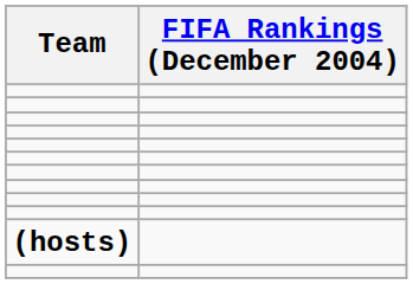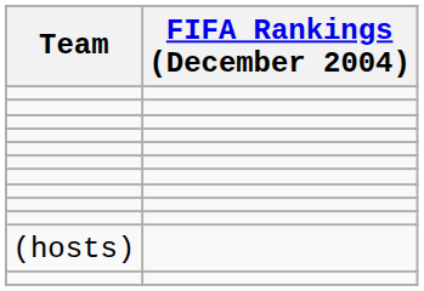 <table class="wikitable sortable" style="text-align: left;">
 <tr>
 <th>Team</th>
 <th><a href='#'>FIFA Rankings</a><br>(December 2004)</th>
 </tr>
 <tr>
 <td></td>
 <td></td>
 </tr>
 <tr>
 <td></td>
 <td></td>
 </tr>
 <tr>
 <td></td>
 <td></td>
 </tr>
 <tr>
 <td></td>
 <td></td>
 </tr>
 <tr>
 <td></td>
 <td></td>
 </tr>
 <tr>
 <td></td>
 <td></td>
 </tr>
 <tr>
 <td></td>
 <td></td>
 </tr>
 <tr>
 <td></td>
 <td></td>
 </tr>
 <tr>
 <td></td>
 <td></td>
 </tr>
 <tr>
 <td></td>
 <td></td>
 </tr>
 <tr>
-<td><strong> (hosts)</strong></td>
+<td> (hosts)</td>
 <td></td>
 </tr>
 <tr>
 <td></td>
 <td></td>
 </tr>
 </table>
